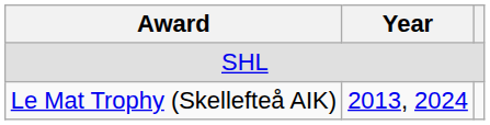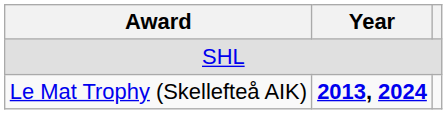 <table class="wikitable">
 <tr>
 <th>Award</th>
 <th>Year</th>
 <th></th>
 </tr>
 <tr ALIGN="center" bgcolor="#e0e0e0">
 <td colspan="3"><a href='#'>SHL</a></td>
 </tr>
 <tr>
 <td><a href='#'>Le Mat Trophy</a> (Skellefteå AIK)</td>
-<td><a href='#'>2013</a>, <a href='#'>2024</a></td>
+<td><strong><a href='#'>2013</a>, <a href='#'>2024</a></strong></td>
 <td></td>
 </tr>
 </table>
